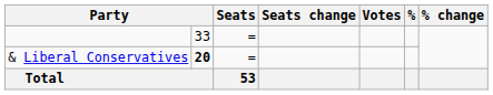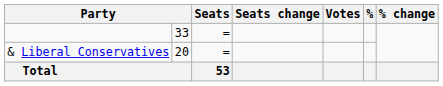 <table class="wikitable sortable">
 <tr>
 <th colspan=2>Party</th>
 <th>Seats</th>
 <th>Seats change</th>
 <th>Votes</th>
 <th>%</th>
 <th>% change</th>
 </tr>
 <tr>
 <td></td>
 <td align=right>33</td>
 <td align=right>=</td>
 <td align=right></td>
 <td align=right></td>
 <td align=right></td>
 </tr>
 <tr>
 <td> & <a href='#'>Liberal Conservatives</a></td>
-<td align=right><strong>20</strong></td>
+<td align=right>20</td>
 <td align=right>=</td>
 <td align=right></td>
 <td align=right></td>
 <td align=right></td>
 </tr>
 <tr class="sortbottom" style="font-weight: bold; text-align: right; background: #f2f2f2;">
 <th colspan="2" style="padding-left: 1.5em; text-align: left;">Total</th>
 <td align=right>53</td>
 <td align=right></td>
 <td align=right></td>
 <td align=right></td>
 <td align=right></td>
 </tr>
 </table>
